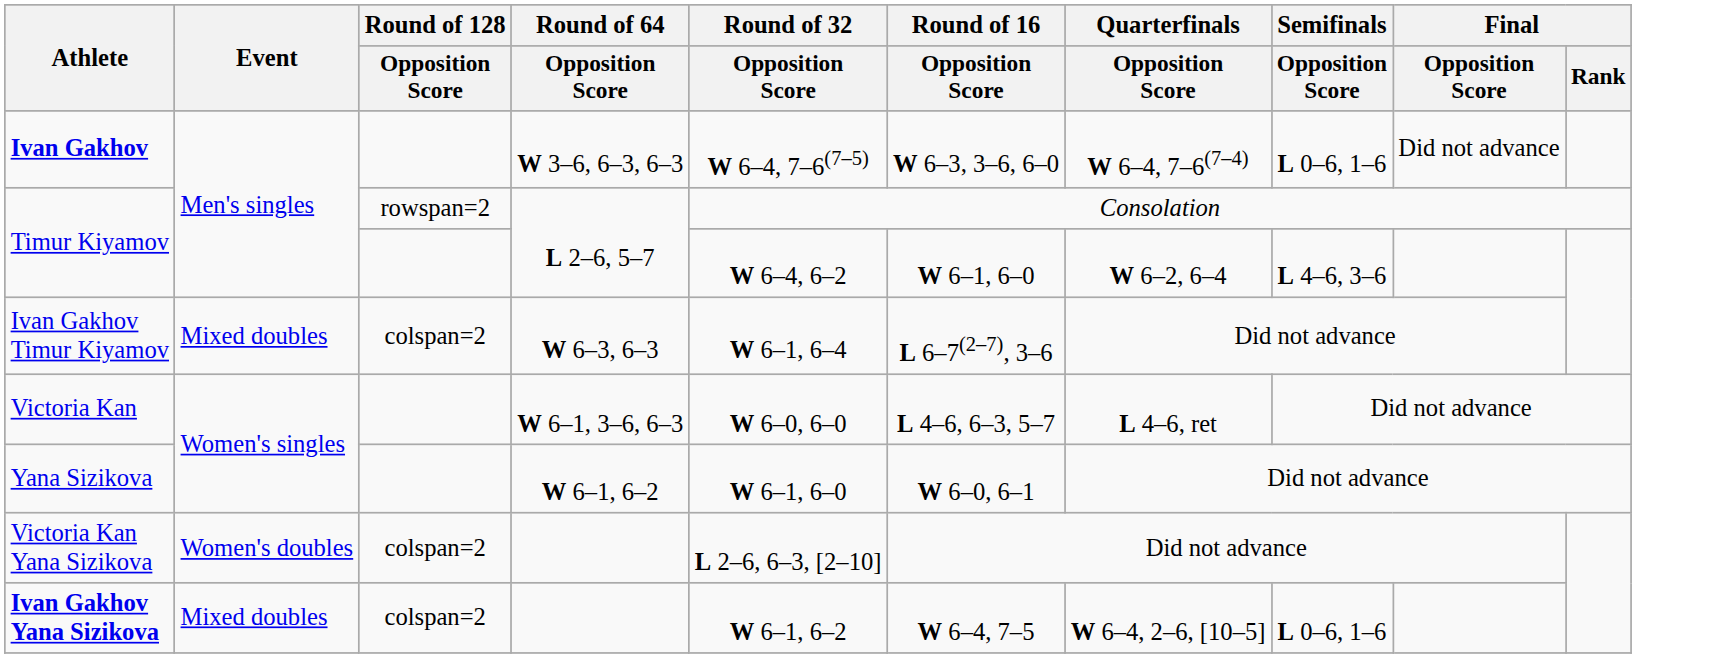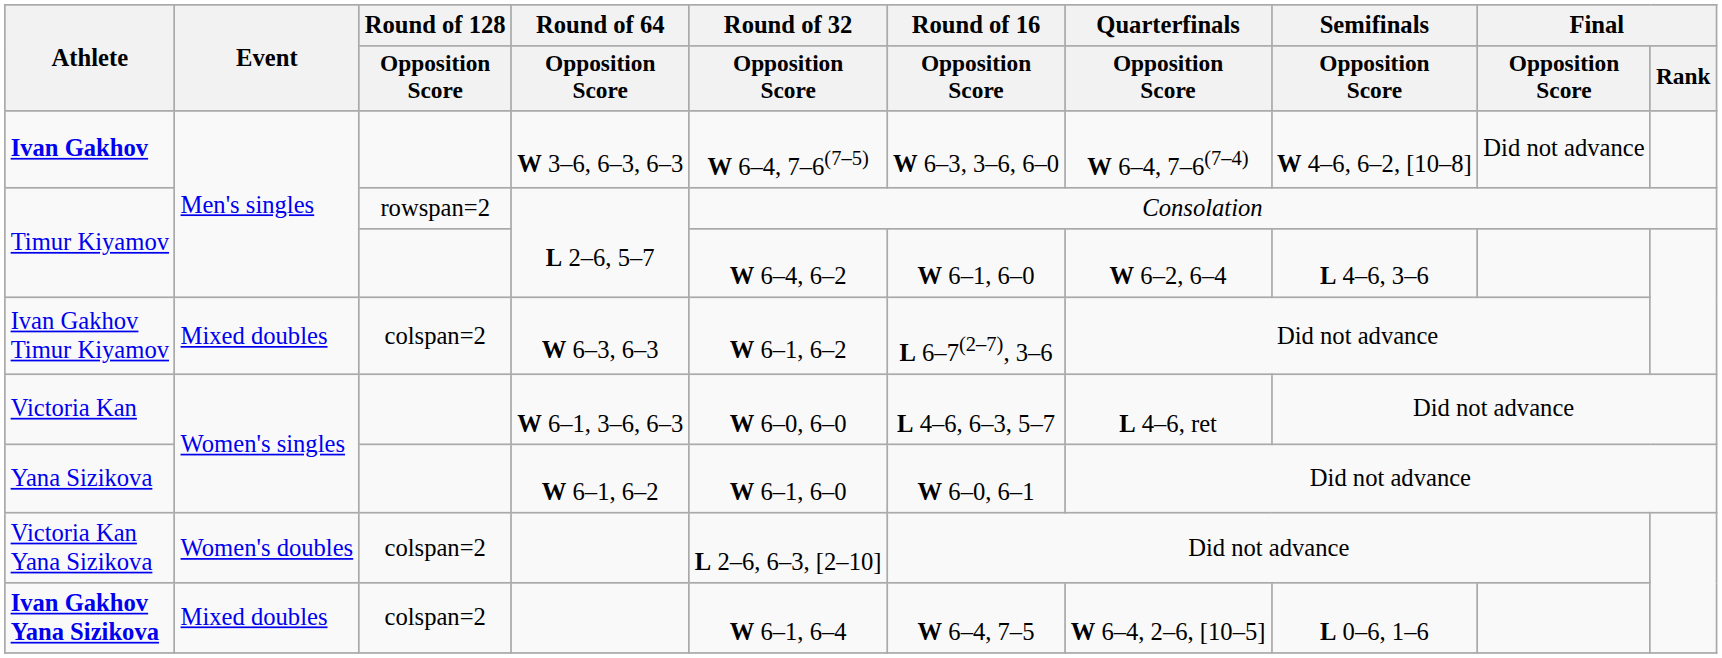 <table class="wikitable" style="text-align:center; font-size:90%">
 <tr>
 <th rowspan=2>Athlete</th>
 <th rowspan=2>Event</th>
 <th>Round of 128</th>
 <th>Round of 64</th>
 <th>Round of 32</th>
 <th>Round of 16</th>
 <th>Quarterfinals</th>
 <th>Semifinals</th>
 <th colspan=2>Final</th>
 </tr>
 <tr style="font-size:95%">
 <th>Opposition<br>Score</th>
 <th>Opposition<br>Score</th>
 <th>Opposition<br>Score</th>
 <th>Opposition<br>Score</th>
 <th>Opposition<br>Score</th>
 <th>Opposition<br>Score</th>
 <th>Opposition<br>Score</th>
 <th>Rank</th>
 </tr>
 <tr>
 <td align=left><strong><a href='#'>Ivan Gakhov</a></strong></td>
 <td rowspan=3 align=left><a href='#'>Men's singles</a></td>
 <td></td>
 <td><br><strong>W</strong> 3–6, 6–3, 6–3</td>
 <td><br><strong>W</strong> 6–4, 7–6<sup>(7–5)</sup></td>
 <td><br><strong>W</strong> 6–3, 3–6, 6–0</td>
 <td><br><strong>W</strong> 6–4, 7–6<sup>(7–4)</sup></td>
-<td><br><strong>L</strong> 0–6, 1–6</td>
+<td><br><strong>W</strong> 4–6, 6–2, [10–8]</td>
 <td>Did not advance</td>
 <td></td>
 </tr>
 <tr>
 <td rowspan=2 align=left><a href='#'>Timur Kiyamov</a></td>
 <td>rowspan=2 </td>
 <td rowspan=2><br><strong>L</strong> 2–6, 5–7</td>
 <td colspan=6><em>Consolation</em></td>
 </tr>
 <tr>
 <td></td>
 <td><br><strong>W</strong> 6–4, 6–2</td>
 <td><br><strong>W</strong> 6–1, 6–0</td>
 <td><br><strong>W</strong> 6–2, 6–4</td>
 <td><br><strong>L</strong> 4–6, 3–6</td>
 <td></td>
 </tr>
 <tr>
 <td align=left><a href='#'>Ivan Gakhov</a><br><a href='#'>Timur Kiyamov</a></td>
 <td align=left><a href='#'>Mixed doubles</a></td>
 <td>colspan=2 </td>
 <td><br><strong>W</strong> 6–3, 6–3</td>
-<td><br><strong>W</strong> 6–1, 6–4</td>
+<td><br><strong>W</strong> 6–1, 6–2</td>
 <td><br><strong>L</strong> 6–7<sup>(2–7)</sup>, 3–6</td>
 <td colspan=3>Did not advance</td>
 </tr>
 <tr>
 <td align=left><a href='#'>Victoria Kan</a></td>
 <td rowspan=2 align=left><a href='#'>Women's singles</a></td>
 <td></td>
 <td><br><strong>W</strong> 6–1, 3–6, 6–3</td>
 <td><br><strong>W</strong> 6–0, 6–0</td>
 <td><br><strong>L</strong> 4–6, 6–3, 5–7</td>
 <td><br><strong>L</strong> 4–6, ret</td>
 <td colspan=3>Did not advance</td>
 </tr>
 <tr>
 <td align=left><a href='#'>Yana Sizikova</a></td>
 <td></td>
 <td><br><strong>W</strong> 6–1, 6–2</td>
 <td><br><strong>W</strong> 6–1, 6–0</td>
 <td><br><strong>W</strong> 6–0, 6–1</td>
 <td colspan=4>Did not advance</td>
 </tr>
 <tr>
 <td align=left><a href='#'>Victoria Kan</a><br><a href='#'>Yana Sizikova</a></td>
 <td align=left><a href='#'>Women's doubles</a></td>
 <td>colspan=2 </td>
 <td></td>
 <td><br><strong>L</strong> 2–6, 6–3, [2–10]</td>
 <td colspan=4>Did not advance</td>
 </tr>
 <tr>
 <td align=left><strong><a href='#'>Ivan Gakhov</a><br><a href='#'>Yana Sizikova</a></strong></td>
 <td align=left><a href='#'>Mixed doubles</a></td>
 <td>colspan=2 </td>
 <td></td>
-<td><br><strong>W</strong> 6–1, 6–2</td>
+<td><br><strong>W</strong> 6–1, 6–4</td>
 <td><br><strong>W</strong> 6–4, 7–5</td>
 <td><br><strong>W</strong> 6–4, 2–6, [10–5]</td>
 <td><br><strong>L</strong> 0–6, 1–6</td>
 <td></td>
 </tr>
 </table>
